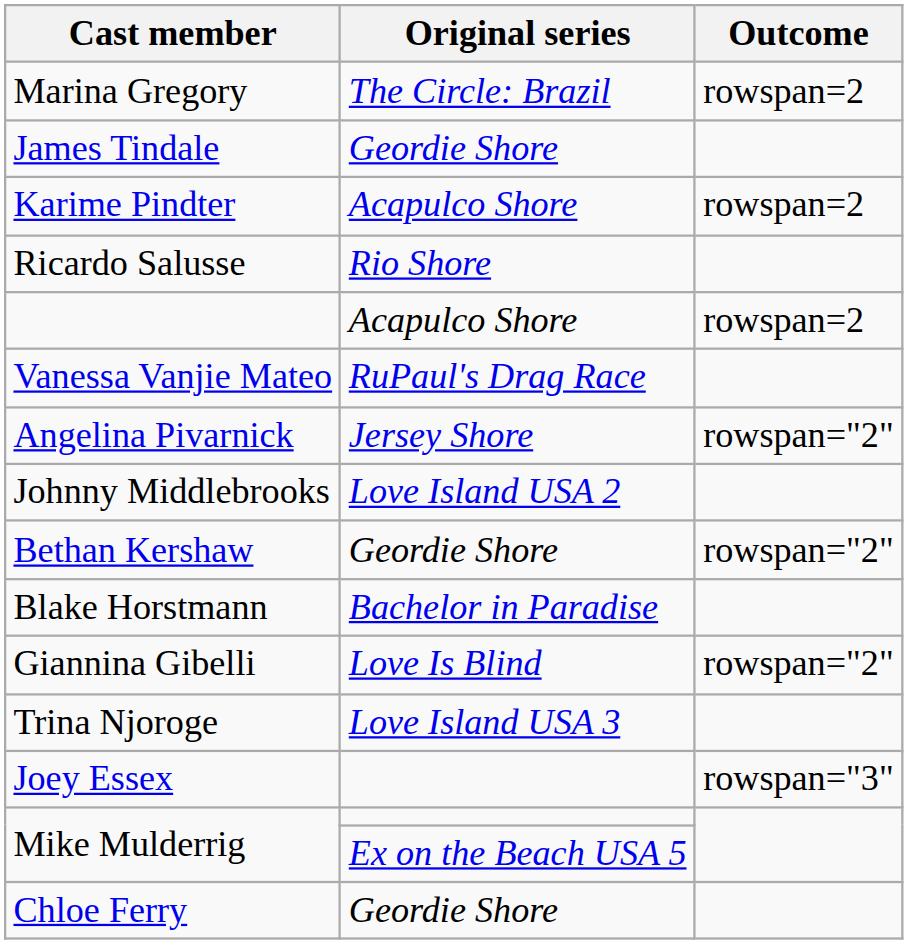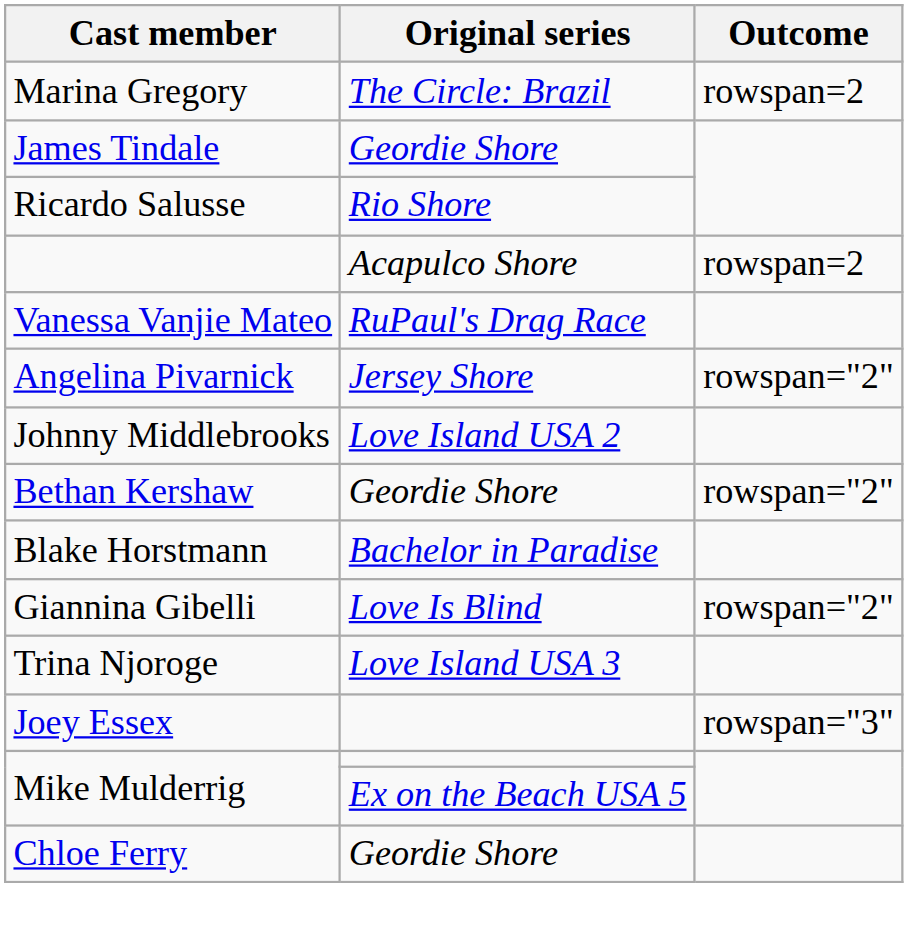 <table class="wikitable" style="text-align:left">
 <tr>
 <th>Cast member</th>
 <th>Original series</th>
 <th>Outcome</th>
 </tr>
 <tr>
 <td>Marina Gregory</td>
 <td><a href='#'><em>The Circle: Brazil</em></a></td>
 <td>rowspan=2 </td>
 </tr>
 <tr>
 <td><a href='#'>James Tindale</a></td>
 <td><em><a href='#'>Geordie Shore</a></em></td>
-</tr>
-<tr>
-<td><a href='#'>Karime Pindter</a></td>
-<td><em><a href='#'>Acapulco Shore</a></em></td>
-<td>rowspan=2 </td>
 </tr>
 <tr>
 <td>Ricardo Salusse</td>
 <td><em><a href='#'>Rio Shore</a></em></td>
 </tr>
 <tr>
 <td></td>
 <td><em>Acapulco Shore</em></td>
 <td>rowspan=2 </td>
 </tr>
 <tr>
 <td><a href='#'>Vanessa Vanjie Mateo</a></td>
 <td><em><a href='#'>RuPaul's Drag Race</a></em></td>
 </tr>
 <tr>
 <td><a href='#'>Angelina Pivarnick</a></td>
 <td><em><a href='#'>Jersey Shore</a></em></td>
 <td>rowspan="2" </td>
 </tr>
 <tr>
 <td>Johnny Middlebrooks</td>
 <td><a href='#'><em>Love Island USA 2</em></a></td>
 </tr>
 <tr>
 <td><a href='#'>Bethan Kershaw</a></td>
 <td><em>Geordie Shore</em></td>
 <td>rowspan="2" </td>
 </tr>
 <tr>
 <td>Blake Horstmann</td>
 <td><a href='#'><em>Bachelor in Paradise</em></a></td>
 </tr>
 <tr>
 <td>Giannina Gibelli</td>
 <td><a href='#'><em>Love Is Blind</em></a></td>
 <td>rowspan="2" </td>
 </tr>
 <tr>
 <td>Trina Njoroge</td>
 <td><em><a href='#'>Love Island USA 3</a></em></td>
 </tr>
 <tr>
 <td><a href='#'>Joey Essex</a></td>
 <td></td>
 <td>rowspan="3" </td>
 </tr>
 <tr>
 <td rowspan=2>Mike Mulderrig</td>
 <td></td>
 </tr>
 <tr>
 <td><em><a href='#'>Ex on the Beach USA 5</a></em></td>
 </tr>
 <tr>
 <td><a href='#'>Chloe Ferry</a></td>
 <td><em>Geordie Shore</em></td>
 <td></td>
 </tr>
 </table>
